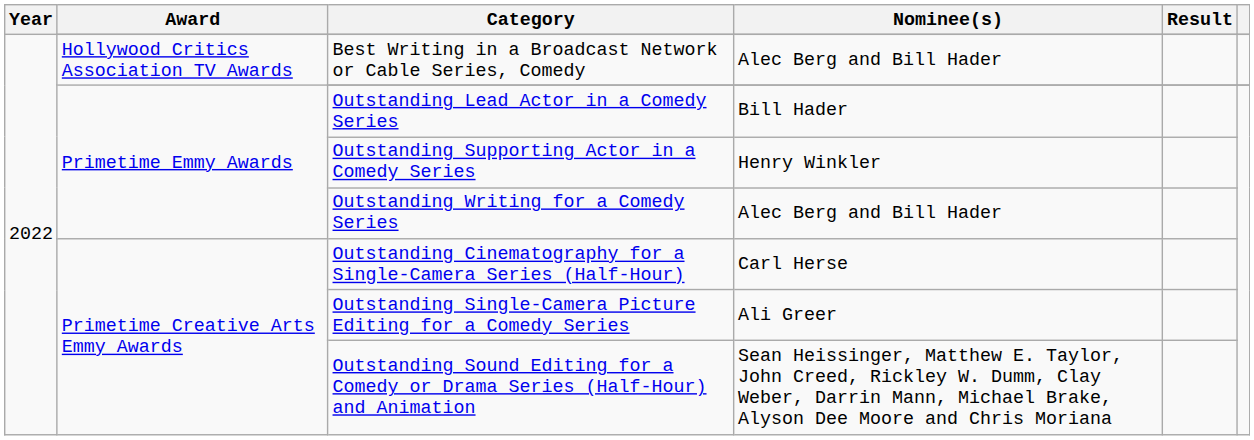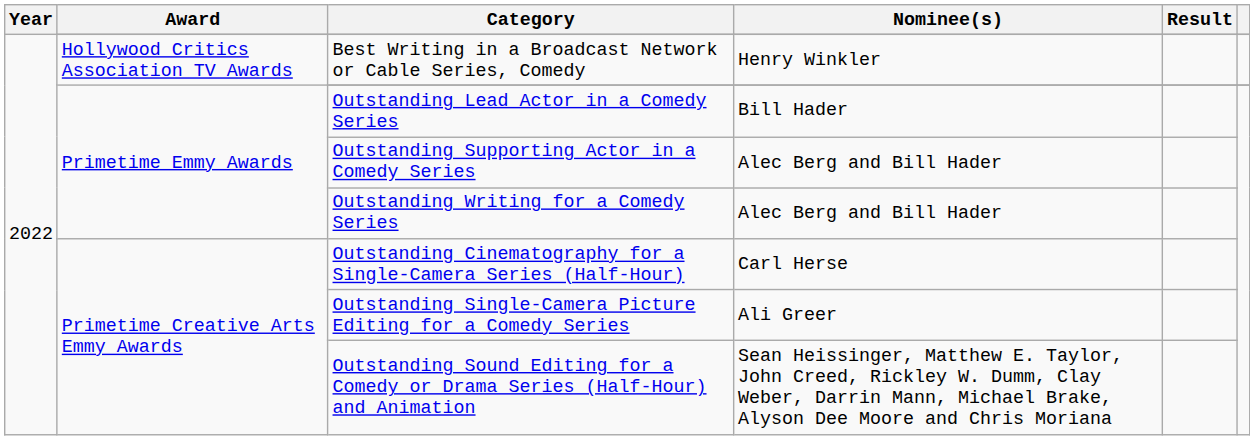 <table class="wikitable sortable" style="width:100%">
 <tr>
 <th scope="col" style="width:3%;">Year</th>
 <th scope="col" style="width:22%;">Award</th>
 <th scope="col" style="width:33%;">Category</th>
 <th scope="col" style="width:35%;">Nominee(s)</th>
 <th scope="col" style="width:6%;">Result</th>
 <th scope="col" class="unsortable" style="width:1%;"></th>
 </tr>
 <tr>
 <td rowspan="24" align="center">2022</td>
 </tr>
 <tr>
 <td><a href='#'>Hollywood Critics Association TV Awards</a></td>
 <td>Best Writing in a Broadcast Network or Cable Series, Comedy</td>
-<td>Alec Berg and Bill Hader</td>
+<td>Henry Winkler</td>
 <td></td>
 <td align="center"></td>
 </tr>
 <tr>
 <td rowspan="4"><a href='#'>Primetime Emmy Awards</a></td>
 </tr>
 <tr>
 <td><a href='#'>Outstanding Lead Actor in a Comedy Series</a></td>
 <td>Bill Hader</td>
 <td></td>
 <td rowspan="14" align="center"></td>
 </tr>
 <tr>
 <td><a href='#'>Outstanding Supporting Actor in a Comedy Series</a></td>
-<td>Henry Winkler</td>
+<td>Alec Berg and Bill Hader</td>
 <td></td>
 </tr>
 <tr>
 <td><a href='#'>Outstanding Writing for a Comedy Series</a></td>
 <td>Alec Berg and Bill Hader</td>
 <td></td>
 </tr>
 <tr>
 <td rowspan="3"><a href='#'>Primetime Creative Arts Emmy Awards</a></td>
 <td><a href='#'>Outstanding Cinematography for a Single-Camera Series (Half-Hour)</a></td>
 <td>Carl Herse</td>
 <td></td>
 </tr>
 <tr>
 <td><a href='#'>Outstanding Single-Camera Picture Editing for a Comedy Series</a></td>
 <td>Ali Greer</td>
 <td></td>
 </tr>
 <tr>
 <td><a href='#'>Outstanding Sound Editing for a Comedy or Drama Series (Half-Hour) and Animation</a></td>
 <td>Sean Heissinger, Matthew E. Taylor, John Creed, Rickley W. Dumm, Clay Weber, Darrin Mann, Michael Brake, Alyson Dee Moore and Chris Moriana</td>
 <td></td>
 </tr>
 </table>
